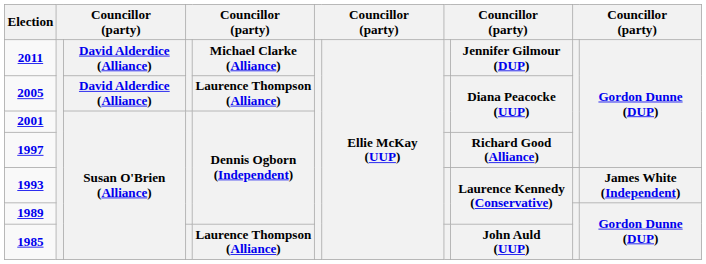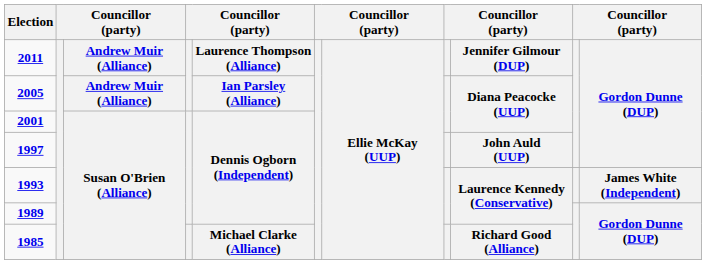 <table class="wikitable" style="text-align:center">
 <tr>
 <th scope="col" width="50">Election</th>
 <th scope="col" width="150" colspan = "2">Councillor<br> (party)</th>
 <th scope="col" width="150" colspan = "2">Councillor<br> (party)</th>
 <th scope="col" width="150" colspan = "2">Councillor<br> (party)</th>
 <th scope="col" width="150" colspan = "2">Councillor<br> (party)</th>
 <th scope="col" width="150" colspan = "2">Councillor<br> (party)</th>
 </tr>
 <tr>
 <td><strong><a href='#'>2011</a></strong></td>
 <th rowspan="7" width="1" style="background-color: "></th>
-<th rowspan = "1"><a href='#'>David Alderdice</a> <br> (<a href='#'>Alliance</a>)</th>
+<th rowspan = "1"><a href='#'>Andrew Muir</a> <br> (<a href='#'>Alliance</a>)</th>
 <th rowspan="2" width="1" style="background-color: "></th>
-<th rowspan = "1">Michael Clarke <br> (<a href='#'>Alliance</a>)</th>
+<th rowspan = "1">Laurence Thompson <br> (<a href='#'>Alliance</a>)</th>
 <th rowspan="7" width="1" style="background-color: "></th>
 <th rowspan = "7">Ellie McKay <br> (<a href='#'>UUP</a>)</th>
 <th rowspan="1" width="1" style="background-color: "></th>
 <th rowspan = "1">Jennifer Gilmour <br> (<a href='#'>DUP</a>)</th>
 <th rowspan="4" width="1" style="background-color: "></th>
 <th rowspan = "4"><a href='#'>Gordon Dunne</a> <br> (<a href='#'>DUP</a>)</th>
 </tr>
 <tr>
 <td><strong><a href='#'>2005</a></strong></td>
-<th rowspan = "1"><a href='#'>David Alderdice</a> <br> (<a href='#'>Alliance</a>)</th>
-<th rowspan = "1">Laurence Thompson <br> (<a href='#'>Alliance</a>)</th>
+<th rowspan = "1"><a href='#'>Andrew Muir</a> <br> (<a href='#'>Alliance</a>)</th>
+<th rowspan = "1"><a href='#'>Ian Parsley</a> <br> (<a href='#'>Alliance</a>)</th>
 <th rowspan="2" width="1" style="background-color: "></th>
 <th rowspan = "2">Diana Peacocke <br> (<a href='#'>UUP</a>)</th>
 </tr>
 <tr>
 <td><strong><a href='#'>2001</a></strong></td>
 <th rowspan = "5">Susan O'Brien <br> (<a href='#'>Alliance</a>)</th>
 <th rowspan="4" width="1" style="background-color: "></th>
 <th rowspan = "4">Dennis Ogborn <br> (<a href='#'>Independent</a>)</th>
 </tr>
 <tr>
 <td><strong><a href='#'>1997</a></strong></td>
 <th rowspan="1" width="1" style="background-color: "></th>
-<th rowspan = "1">Richard Good <br> (<a href='#'>Alliance</a>)</th>
+<th rowspan = "1">John Auld <br> (<a href='#'>UUP</a>)</th>
 </tr>
 <tr>
 <td><strong><a href='#'>1993</a></strong></td>
 <th rowspan="2" width="1" style="background-color: "></th>
 <th rowspan = "2">Laurence Kennedy <br> (<a href='#'>Conservative</a>)</th>
 <th rowspan="1" width="1" style="background-color: "></th>
 <th rowspan = "1">James White <br> (<a href='#'>Independent</a>)</th>
 </tr>
 <tr>
 <td><strong><a href='#'>1989</a></strong></td>
 <th rowspan="2" width="1" style="background-color: "></th>
 <th rowspan = "2"><a href='#'>Gordon Dunne</a> <br> (<a href='#'>DUP</a>)</th>
 </tr>
 <tr>
 <td><strong><a href='#'>1985</a></strong></td>
 <th rowspan="1" width="1" style="background-color: "></th>
-<th rowspan = "1">Laurence Thompson <br> (<a href='#'>Alliance</a>)</th>
+<th rowspan = "1">Michael Clarke <br> (<a href='#'>Alliance</a>)</th>
 <th rowspan="1" width="1" style="background-color: "></th>
-<th rowspan = "1">John Auld <br> (<a href='#'>UUP</a>)</th>
+<th rowspan = "1">Richard Good <br> (<a href='#'>Alliance</a>)</th>
 </tr>
 </table>
